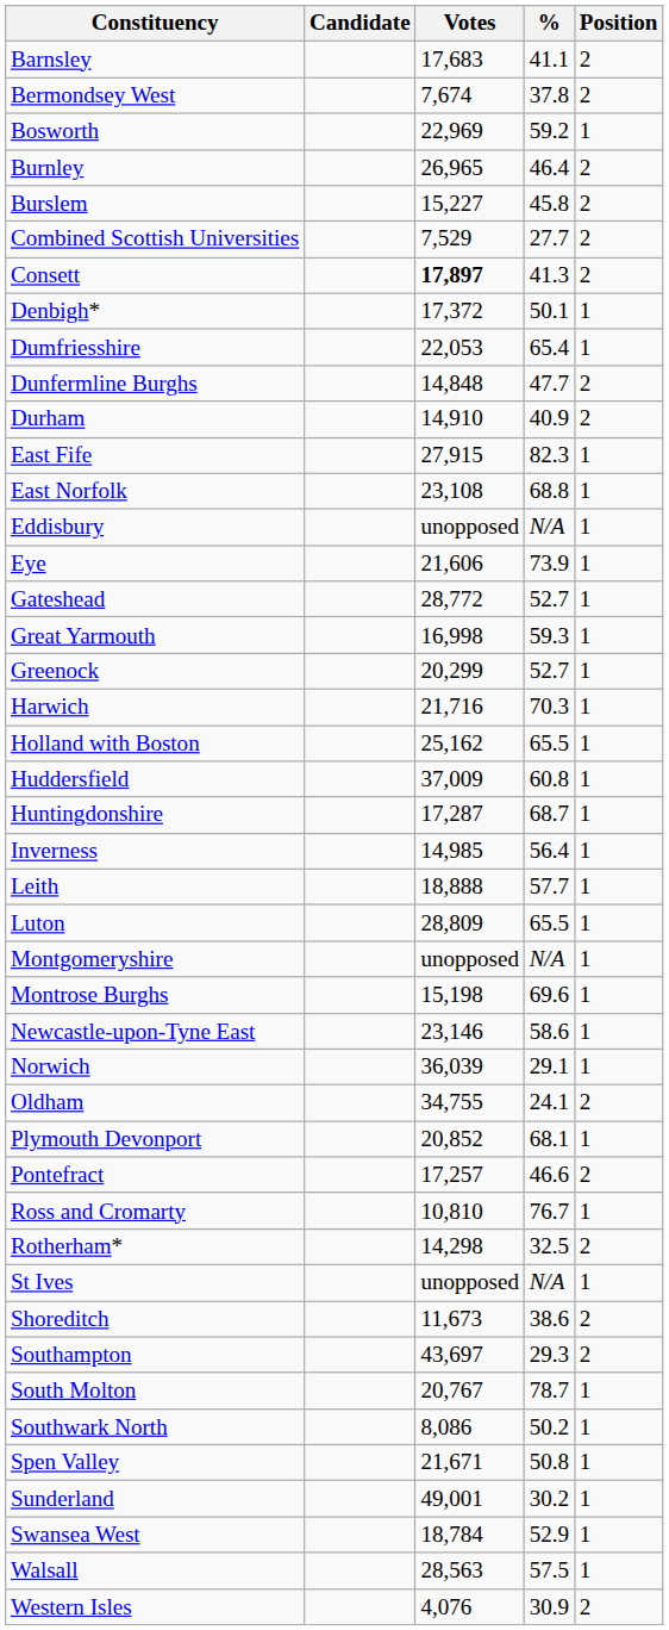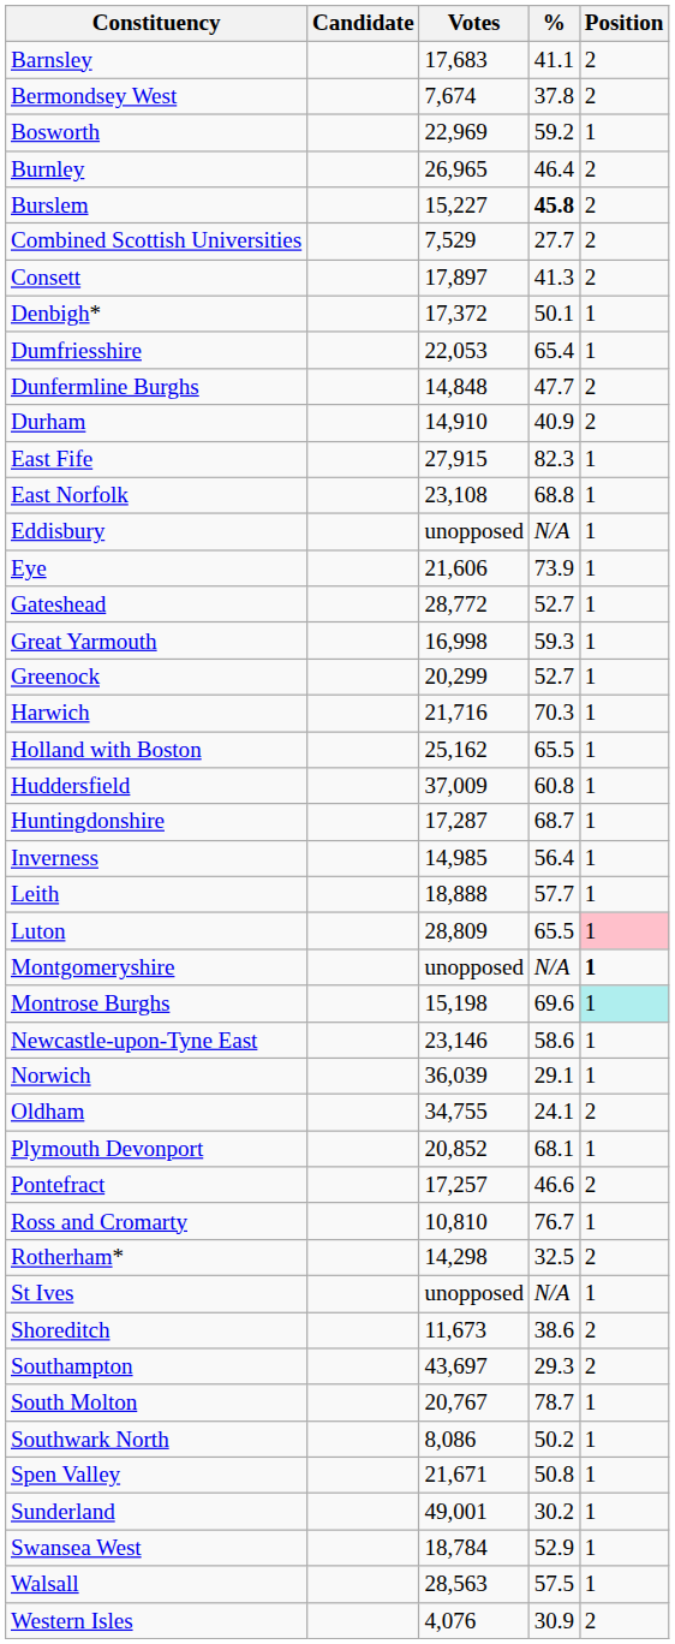 <table class="wikitable sortable">
 <tr>
 <th>Constituency</th>
 <th>Candidate</th>
 <th>Votes</th>
 <th>%</th>
 <th>Position</th>
 </tr>
 <tr>
 <td><a href='#'>Barnsley</a></td>
 <td></td>
 <td>17,683</td>
 <td>41.1</td>
 <td>2</td>
 </tr>
 <tr>
 <td><a href='#'>Bermondsey West</a></td>
 <td></td>
 <td>7,674</td>
 <td>37.8</td>
 <td>2</td>
 </tr>
 <tr>
 <td><a href='#'>Bosworth</a></td>
 <td></td>
 <td>22,969</td>
 <td>59.2</td>
 <td>1</td>
 </tr>
 <tr>
 <td><a href='#'>Burnley</a></td>
 <td></td>
 <td>26,965</td>
 <td>46.4</td>
 <td>2</td>
 </tr>
 <tr>
 <td><a href='#'>Burslem</a></td>
 <td></td>
 <td>15,227</td>
-<td>45.8</td>
+<td><strong>45.8</strong></td>
 <td>2</td>
 </tr>
 <tr>
 <td><a href='#'>Combined Scottish Universities</a></td>
 <td></td>
 <td>7,529</td>
 <td>27.7</td>
 <td>2</td>
 </tr>
 <tr>
 <td><a href='#'>Consett</a></td>
 <td></td>
-<td><strong>17,897</strong></td>
+<td>17,897</td>
 <td>41.3</td>
 <td>2</td>
 </tr>
 <tr>
 <td><a href='#'>Denbigh</a>*</td>
 <td></td>
 <td>17,372</td>
 <td>50.1</td>
 <td>1</td>
 </tr>
 <tr>
 <td><a href='#'>Dumfriesshire</a></td>
 <td></td>
 <td>22,053</td>
 <td>65.4</td>
 <td>1</td>
 </tr>
 <tr>
 <td><a href='#'>Dunfermline Burghs</a></td>
 <td></td>
 <td>14,848</td>
 <td>47.7</td>
 <td>2</td>
 </tr>
 <tr>
 <td><a href='#'>Durham</a></td>
 <td></td>
 <td>14,910</td>
 <td>40.9</td>
 <td>2</td>
 </tr>
 <tr>
 <td><a href='#'>East Fife</a></td>
 <td></td>
 <td>27,915</td>
 <td>82.3</td>
 <td>1</td>
 </tr>
 <tr>
 <td><a href='#'>East Norfolk</a></td>
 <td></td>
 <td>23,108</td>
 <td>68.8</td>
 <td>1</td>
 </tr>
 <tr>
 <td><a href='#'>Eddisbury</a></td>
 <td></td>
 <td>unopposed</td>
 <td><em>N/A</em></td>
 <td>1</td>
 </tr>
 <tr>
 <td><a href='#'>Eye</a></td>
 <td></td>
 <td>21,606</td>
 <td>73.9</td>
 <td>1</td>
 </tr>
 <tr>
 <td><a href='#'>Gateshead</a></td>
 <td></td>
 <td>28,772</td>
 <td>52.7</td>
 <td>1</td>
 </tr>
 <tr>
 <td><a href='#'>Great Yarmouth</a></td>
 <td></td>
 <td>16,998</td>
 <td>59.3</td>
 <td>1</td>
 </tr>
 <tr>
 <td><a href='#'>Greenock</a></td>
 <td></td>
 <td>20,299</td>
 <td>52.7</td>
 <td>1</td>
 </tr>
 <tr>
 <td><a href='#'>Harwich</a></td>
 <td></td>
 <td>21,716</td>
 <td>70.3</td>
 <td>1</td>
 </tr>
 <tr>
 <td><a href='#'>Holland with Boston</a></td>
 <td></td>
 <td>25,162</td>
 <td>65.5</td>
 <td>1</td>
 </tr>
 <tr>
 <td><a href='#'>Huddersfield</a></td>
 <td></td>
 <td>37,009</td>
 <td>60.8</td>
 <td>1</td>
 </tr>
 <tr>
 <td><a href='#'>Huntingdonshire</a></td>
 <td></td>
 <td>17,287</td>
 <td>68.7</td>
 <td>1</td>
 </tr>
 <tr>
 <td><a href='#'>Inverness</a></td>
 <td></td>
 <td>14,985</td>
 <td>56.4</td>
 <td>1</td>
 </tr>
 <tr>
 <td><a href='#'>Leith</a></td>
 <td></td>
 <td>18,888</td>
 <td>57.7</td>
 <td>1</td>
 </tr>
 <tr>
 <td><a href='#'>Luton</a></td>
 <td></td>
 <td>28,809</td>
 <td>65.5</td>
-<td>1</td>
+<td style="background: pink;">1</td>
 </tr>
 <tr>
 <td><a href='#'>Montgomeryshire</a></td>
 <td></td>
 <td>unopposed</td>
 <td><em>N/A</em></td>
-<td>1</td>
+<td><strong>1</strong></td>
 </tr>
 <tr>
 <td><a href='#'>Montrose Burghs</a></td>
 <td></td>
 <td>15,198</td>
 <td>69.6</td>
-<td>1</td>
+<td style="background: paleturquoise;">1</td>
 </tr>
 <tr>
 <td><a href='#'>Newcastle-upon-Tyne East</a></td>
 <td></td>
 <td>23,146</td>
 <td>58.6</td>
 <td>1</td>
 </tr>
 <tr>
 <td><a href='#'>Norwich</a></td>
 <td></td>
 <td>36,039</td>
 <td>29.1</td>
 <td>1</td>
 </tr>
 <tr>
 <td><a href='#'>Oldham</a></td>
 <td></td>
 <td>34,755</td>
 <td>24.1</td>
 <td>2</td>
 </tr>
 <tr>
 <td><a href='#'>Plymouth Devonport</a></td>
 <td></td>
 <td>20,852</td>
 <td>68.1</td>
 <td>1</td>
 </tr>
 <tr>
 <td><a href='#'>Pontefract</a></td>
 <td></td>
 <td>17,257</td>
 <td>46.6</td>
 <td>2</td>
 </tr>
 <tr>
 <td><a href='#'>Ross and Cromarty</a></td>
 <td></td>
 <td>10,810</td>
 <td>76.7</td>
 <td>1</td>
 </tr>
 <tr>
 <td><a href='#'>Rotherham</a>*</td>
 <td></td>
 <td>14,298</td>
 <td>32.5</td>
 <td>2</td>
 </tr>
 <tr>
 <td><a href='#'>St Ives</a></td>
 <td></td>
 <td>unopposed</td>
 <td><em>N/A</em></td>
 <td>1</td>
 </tr>
 <tr>
 <td><a href='#'>Shoreditch</a></td>
 <td></td>
 <td>11,673</td>
 <td>38.6</td>
 <td>2</td>
 </tr>
 <tr>
 <td><a href='#'>Southampton</a></td>
 <td></td>
 <td>43,697</td>
 <td>29.3</td>
 <td>2</td>
 </tr>
 <tr>
 <td><a href='#'>South Molton</a></td>
 <td></td>
 <td>20,767</td>
 <td>78.7</td>
 <td>1</td>
 </tr>
 <tr>
 <td><a href='#'>Southwark North</a></td>
 <td></td>
 <td>8,086</td>
 <td>50.2</td>
 <td>1</td>
 </tr>
 <tr>
 <td><a href='#'>Spen Valley</a></td>
 <td></td>
 <td>21,671</td>
 <td>50.8</td>
 <td>1</td>
 </tr>
 <tr>
 <td><a href='#'>Sunderland</a></td>
 <td></td>
 <td>49,001</td>
 <td>30.2</td>
 <td>1</td>
 </tr>
 <tr>
 <td><a href='#'>Swansea West</a></td>
 <td></td>
 <td>18,784</td>
 <td>52.9</td>
 <td>1</td>
 </tr>
 <tr>
 <td><a href='#'>Walsall</a></td>
 <td></td>
 <td>28,563</td>
 <td>57.5</td>
 <td>1</td>
 </tr>
 <tr>
 <td><a href='#'>Western Isles</a></td>
 <td></td>
 <td>4,076</td>
 <td>30.9</td>
 <td>2</td>
 </tr>
 </table>
